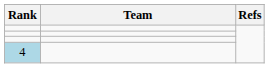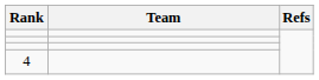 <table class="wikitable" style="text-align: center; font-size:90% ">
 <tr>
 <th width=35>Rank</th>
 <th width=220>Team</th>
 <th width=25>Refs</th>
 </tr>
 <tr>
 <td></td>
 <td align=left></td>
 <td rowspan=4></td>
 </tr>
 <tr>
 <td></td>
 <td align=left></td>
 </tr>
 <tr>
 <td></td>
 <td align=left></td>
 </tr>
 <tr>
-<td style="background: lightblue;">4</td>
+<td>4</td>
 <td align=left></td>
 </tr>
 </table>
